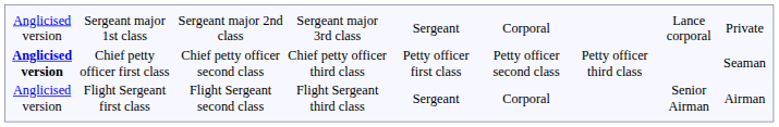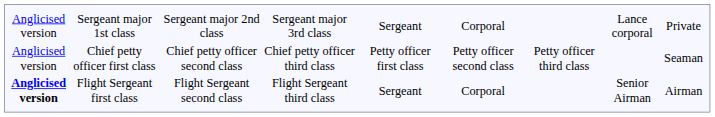 <table style="border:1px solid #8888aa; background-color:#f7f8ff; padding:5px; font-size:95%; margin: 0px 12px 12px 0px;">
 <tr style="text-align:center;">
 <td><a href='#'>Anglicised</a><br>version</td>
 <td colspan=6>Sergeant major 1st class</td>
 <td colspan=2>Sergeant major 2nd class</td>
 <td colspan=2>Sergeant major 3rd class</td>
 <td colspan=6></td>
 <td colspan=6>Sergeant</td>
 <td colspan=4>Corporal</td>
 <td colspan=2></td>
 <td colspan=6>Lance corporal</td>
 <td colspan=2>Private<br></td>
 </tr>
 <tr style="text-align:center;">
-<td><strong><a href='#'>Anglicised</a><br>version</strong></td>
+<td><a href='#'>Anglicised</a><br>version</td>
 <td colspan=6>Chief petty officer first class</td>
 <td colspan=2>Chief petty officer second class</td>
 <td colspan=2>Chief petty officer third class</td>
 <td colspan=6></td>
 <td colspan=6>Petty officer first class</td>
 <td colspan=4>Petty officer second class</td>
 <td colspan=2>Petty officer third class</td>
 <td colspan=6></td>
 <td colspan=2>Seaman<br></td>
 </tr>
 <tr style="text-align:center;">
-<td><a href='#'>Anglicised</a><br>version</td>
+<td><strong><a href='#'>Anglicised</a><br>version</strong></td>
 <td colspan=6>Flight Sergeant first class</td>
 <td colspan=2>Flight Sergeant second class</td>
 <td colspan=2>Flight Sergeant third class</td>
 <td colspan=6></td>
 <td colspan=6>Sergeant</td>
 <td colspan=4>Corporal</td>
 <td colspan=2></td>
 <td colspan=6>Senior Airman</td>
 <td colspan=2>Airman<br></td>
 </tr>
 </table>
